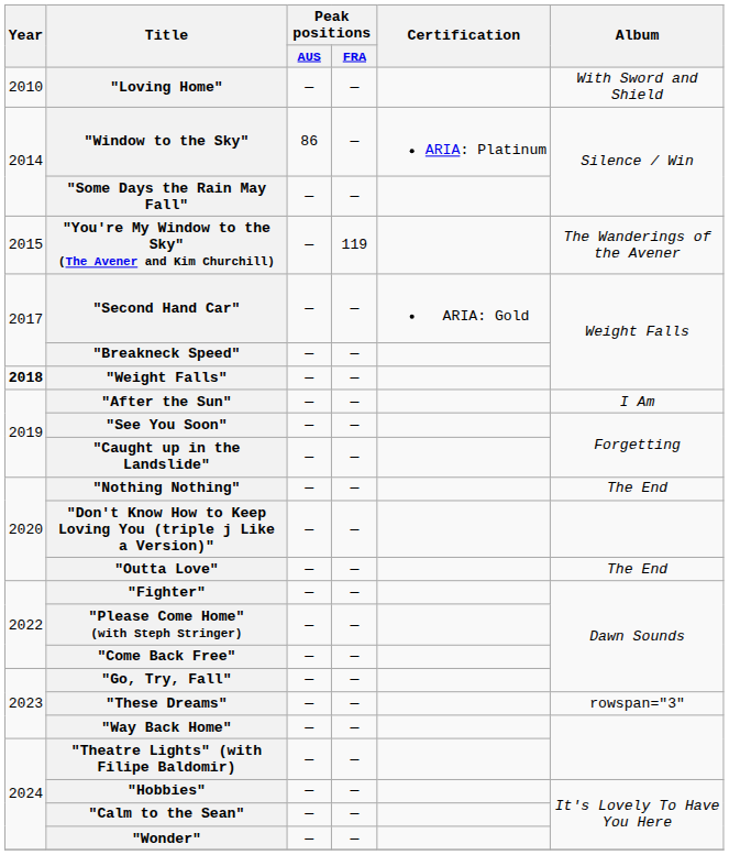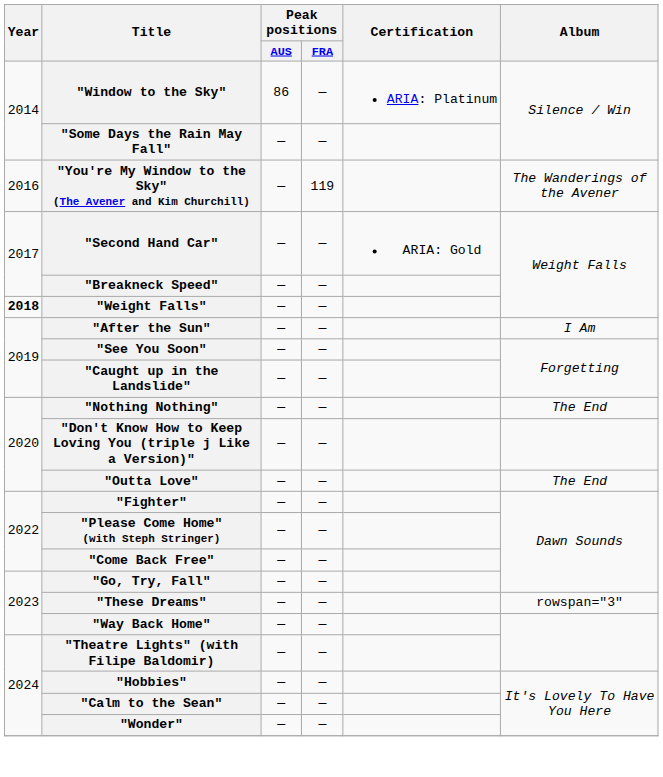 <table class="wikitable plainrowheaders" style="text-align:center">
 <tr>
 <th scope="col" rowspan="2" width="10">Year</th>
 <th scope="col" rowspan="2" width="210">Title</th>
 <th scope="col" colspan="2" width="20">Peak positions</th>
 <th scope="col" rowspan="2" width="150">Certification</th>
 <th scope="col" rowspan="2" width="150">Album</th>
 </tr>
 <tr>
 <th scope="col" style="width:3em;font-size:90%;"><a href='#'>AUS</a></th>
 <th scope="col" style="width:3em;font-size:90%;"><a href='#'>FRA</a><br></th>
-</tr>
-<tr>
-<td>2010</td>
-<th scope="row">"Loving Home"</th>
-<td>—</td>
-<td>—</td>
-<td></td>
-<td><em>With Sword and Shield</em></td>
 </tr>
 <tr>
 <td rowspan="2">2014</td>
 <th scope="row">"Window to the Sky"</th>
 <td>86</td>
 <td>—</td>
 <td><br><ul><li><a href='#'>ARIA</a>: Platinum</li></ul></td>
 <td rowspan="2"><em>Silence / Win</em></td>
 </tr>
 <tr>
 <th scope="row">"Some Days the Rain May Fall"</th>
 <td>—</td>
 <td>—</td>
 <td></td>
 </tr>
 <tr>
-<td>2015</td>
+<td>2016</td>
 <th scope="row">"You're My Window to the Sky"<br><small>(<a href='#'>The Avener</a> and Kim Churchill)</small></th>
 <td>—</td>
 <td>119</td>
 <td></td>
 <td><em>The Wanderings of the Avener</em></td>
 </tr>
 <tr>
 <td rowspan="2">2017</td>
 <th scope="row">"Second Hand Car"</th>
 <td>—</td>
 <td>—</td>
 <td><br><ul><li>ARIA: Gold</li></ul></td>
 <td rowspan="3"><em>Weight Falls</em></td>
 </tr>
 <tr>
 <th scope="row">"Breakneck Speed"</th>
 <td>—</td>
 <td>—</td>
 <td></td>
 </tr>
 <tr>
 <td><strong>2018</strong></td>
 <th scope="row">"Weight Falls"</th>
 <td>—</td>
 <td>—</td>
 <td></td>
 </tr>
 <tr>
 <td rowspan="3">2019</td>
 <th scope="row">"After the Sun"</th>
 <td>—</td>
 <td>—</td>
 <td></td>
 <td><em>I Am</em></td>
 </tr>
 <tr>
 <th scope="row">"See You Soon"</th>
 <td>—</td>
 <td>—</td>
 <td></td>
 <td rowspan="2"><em>Forgetting</em></td>
 </tr>
 <tr>
 <th scope="row">"Caught up in the Landslide"</th>
 <td>—</td>
 <td>—</td>
 <td></td>
 </tr>
 <tr>
 <td rowspan="3">2020</td>
 <th scope="row">"Nothing Nothing"</th>
 <td>—</td>
 <td>—</td>
 <td></td>
 <td><em>The End</em></td>
 </tr>
 <tr>
 <th scope="row">"Don't Know How to Keep Loving You (triple j Like a Version)"</th>
 <td>—</td>
 <td>—</td>
 <td></td>
 <td></td>
 </tr>
 <tr>
 <th scope="row">"Outta Love"</th>
 <td>—</td>
 <td>—</td>
 <td></td>
 <td><em>The End</em></td>
 </tr>
 <tr>
 <td rowspan="3">2022</td>
 <th scope="row">"Fighter"</th>
 <td>—</td>
 <td>—</td>
 <td></td>
 <td rowspan="4"><em>Dawn Sounds</em></td>
 </tr>
 <tr>
 <th scope="row">"Please Come Home"<br><small>(with Steph Stringer)</small></th>
 <td>—</td>
 <td>—</td>
 <td></td>
 </tr>
 <tr>
 <th scope="row">"Come Back Free"</th>
 <td>—</td>
 <td>—</td>
 <td></td>
 </tr>
 <tr>
 <td rowspan="3">2023</td>
 <th scope="row">"Go, Try, Fall"</th>
 <td>—</td>
 <td>—</td>
 <td></td>
 </tr>
 <tr>
 <th scope="row">"These Dreams"</th>
 <td>—</td>
 <td>—</td>
 <td></td>
 <td>rowspan="3" </td>
 </tr>
 <tr>
 <th scope="row">"Way Back Home"</th>
 <td>—</td>
 <td>—</td>
 <td></td>
 </tr>
 <tr>
 <td rowspan="4">2024</td>
 <th scope="row">"Theatre Lights" (with Filipe Baldomir)</th>
 <td>—</td>
 <td>—</td>
 <td></td>
 </tr>
 <tr>
 <th scope="row">"Hobbies"</th>
 <td>—</td>
 <td>—</td>
 <td></td>
 <td rowspan="3"><em>It's Lovely To Have You Here</em></td>
 </tr>
 <tr>
 <th scope="row">"Calm to the Sean"</th>
 <td>—</td>
 <td>—</td>
 <td></td>
 </tr>
 <tr>
 <th scope="row">"Wonder"</th>
 <td>—</td>
 <td>—</td>
 <td></td>
 </tr>
 <tr>
 </tr>
 </table>
